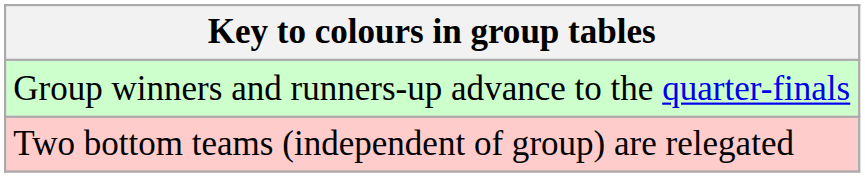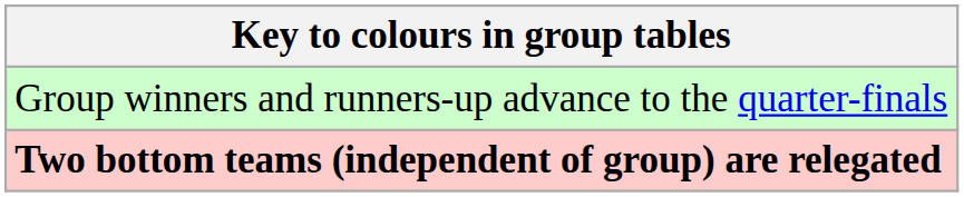 <table class="wikitable">
 <tr>
 <th>Key to colours in group tables</th>
 </tr>
 <tr bgcolor=#ccffcc>
 <td>Group winners and runners-up advance to the <a href='#'>quarter-finals</a></td>
 </tr>
 <tr bgcolor=#FFCCCC>
-<td>Two bottom teams (independent of group) are relegated</td>
+<td><strong>Two bottom teams (independent of group) are relegated</strong></td>
 </tr>
 </table>
